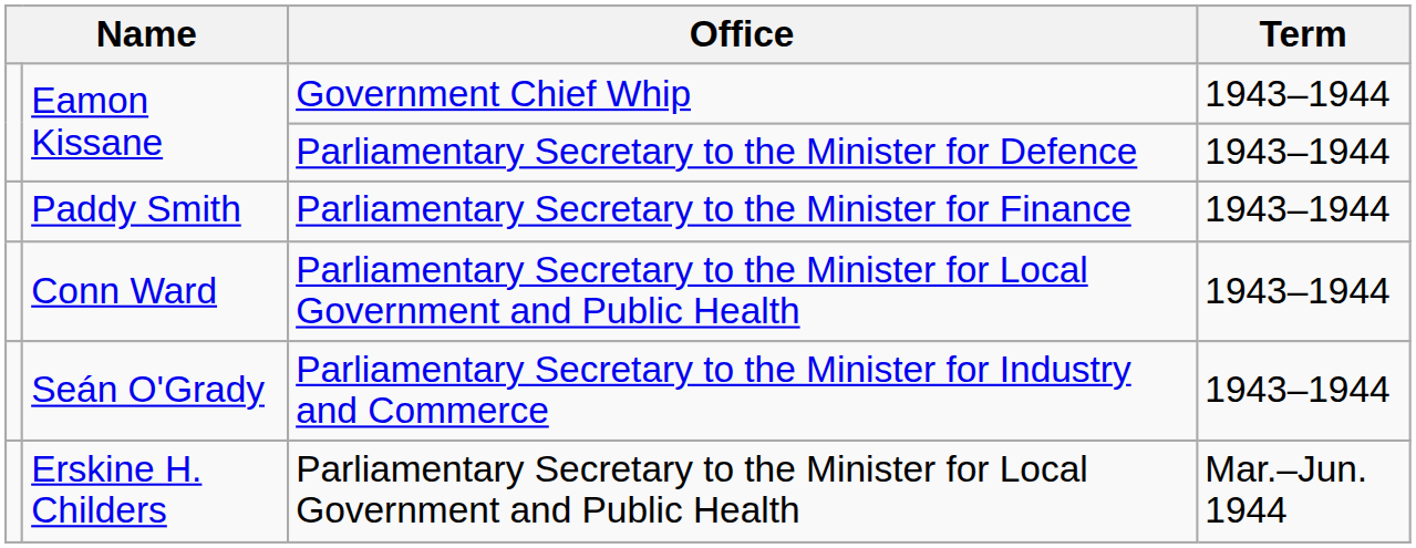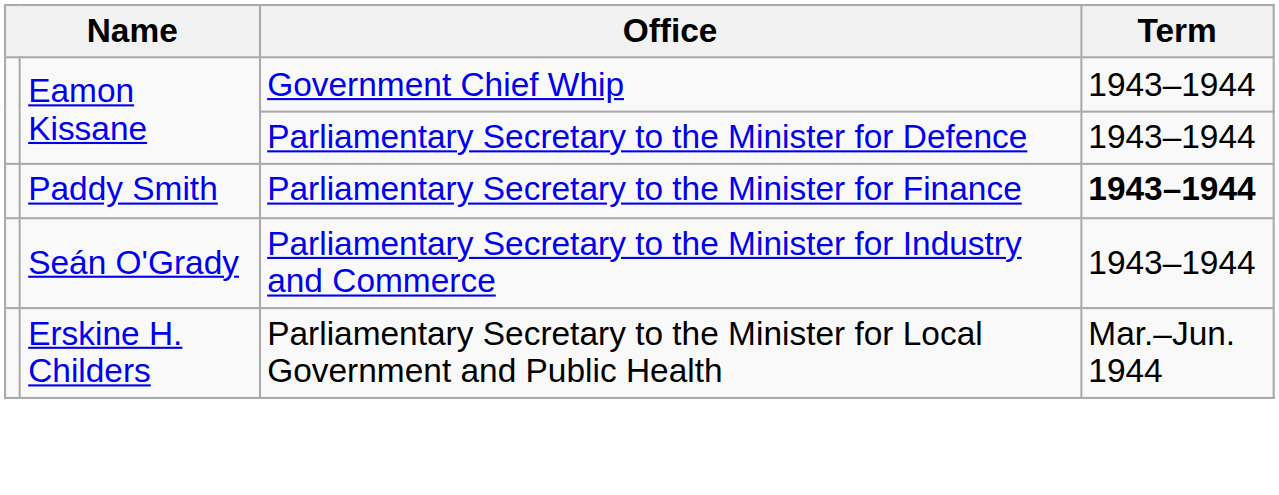 <table class="wikitable">
 <tr>
 <th colspan="2">Name</th>
 <th>Office</th>
 <th>Term</th>
 </tr>
 <tr>
 <td rowspan="2" style="background-color: "></td>
 <td rowspan="2"><a href='#'>Eamon Kissane</a></td>
 <td><a href='#'>Government Chief Whip</a></td>
 <td>1943–1944</td>
 </tr>
 <tr>
 <td><a href='#'>Parliamentary Secretary to the Minister for Defence</a></td>
 <td>1943–1944</td>
 </tr>
 <tr>
 <td style="background-color: "></td>
 <td><a href='#'>Paddy Smith</a></td>
 <td><a href='#'>Parliamentary Secretary to the Minister for Finance</a></td>
-<td>1943–1944</td>
-</tr>
-<tr>
-<td style="background-color: "></td>
-<td><a href='#'>Conn Ward</a></td>
-<td><a href='#'>Parliamentary Secretary to the Minister for Local Government and Public Health</a></td>
-<td>1943–1944</td>
+<td><strong>1943–1944</strong></td>
 </tr>
 <tr>
 <td style="background-color: "></td>
 <td><a href='#'>Seán O'Grady</a></td>
 <td><a href='#'>Parliamentary Secretary to the Minister for Industry and Commerce</a></td>
 <td>1943–1944</td>
 </tr>
 <tr>
 <td style="background-color: "></td>
 <td><a href='#'>Erskine H. Childers</a></td>
 <td>Parliamentary Secretary to the Minister for Local Government and Public Health</td>
 <td>Mar.–Jun. 1944</td>
 </tr>
 </table>
